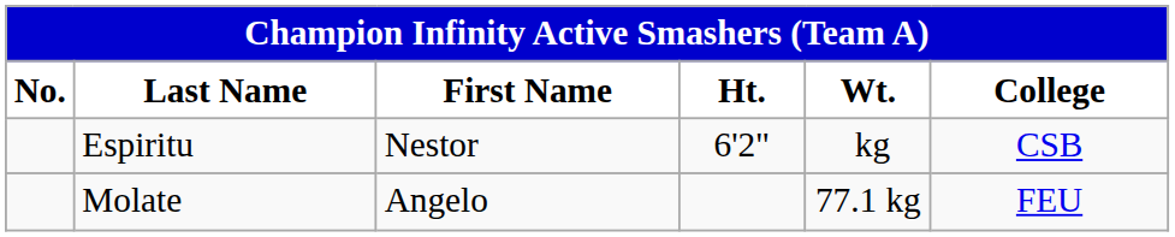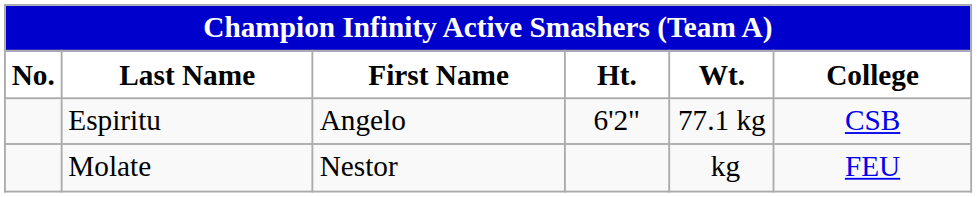 <table class="wikitable" style="text-align:center;">
 <tr>
 <td colspan="8" style= "background: #0000CD; color: white; text-align: center"><strong>Champion Infinity Active Smashers (Team A)</strong></td>
 </tr>
 <tr>
 <th width=3px style="background: white; color: black; text-align: center"><strong>No.</strong></th>
 <th width=130px style="background: white; color: black">Last Name</th>
 <th width=130px style="background: white; color: black">First Name</th>
 <th width=50px style="background: white; color: black">Ht.</th>
 <th width=50px style="background: white; color: black">Wt.</th>
 <th width=100px style="background: white; color: black">College</th>
 </tr>
 <tr>
 <td></td>
 <td style="text-align: left">Espiritu</td>
-<td style="text-align: left">Nestor</td>
+<td style="text-align: left">Angelo</td>
 <td>6'2"</td>
-<td> kg</td>
+<td>77.1 kg</td>
 <td><a href='#'>CSB</a></td>
 </tr>
 <tr>
 <td></td>
 <td style="text-align: left">Molate</td>
-<td style="text-align: left">Angelo</td>
+<td style="text-align: left">Nestor</td>
 <td></td>
-<td>77.1 kg</td>
+<td> kg</td>
 <td><a href='#'>FEU</a></td>
 </tr>
 </table>
